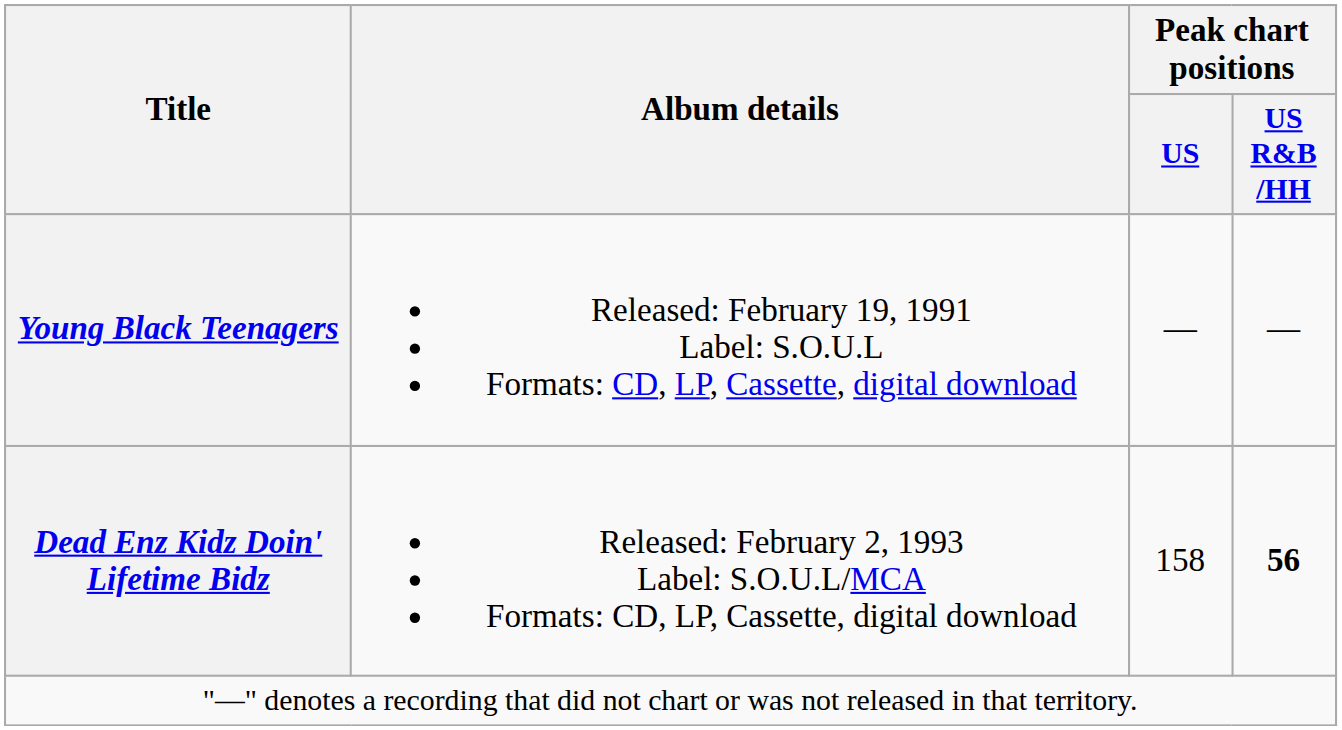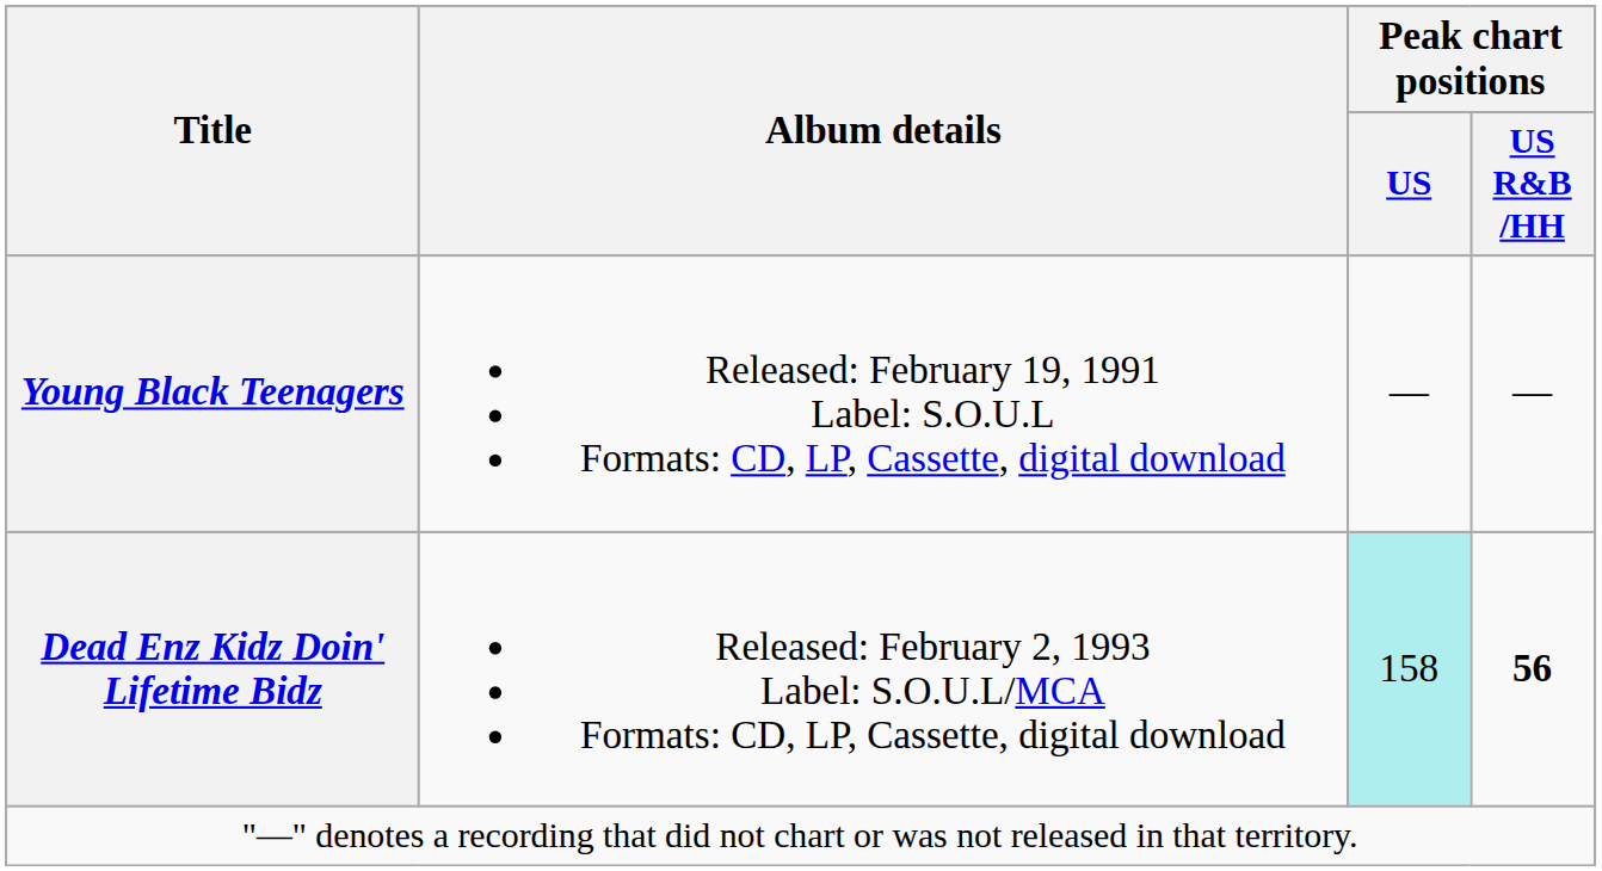 <table class="wikitable plainrowheaders" style="text-align:center;" border="1">
 <tr>
 <th scope="col" rowspan="2" style="width:10em;">Title</th>
 <th scope="col" rowspan="2" style="width:23em;">Album details</th>
 <th scope="col" colspan="2">Peak chart positions</th>
 </tr>
 <tr>
 <th scope="col" style="width:3em;font-size:90%;"><a href='#'>US</a><br></th>
 <th scope="col" style="width:3em;font-size:90%;"><a href='#'>US<br>R&B<br>/HH</a><br></th>
 </tr>
 <tr>
 <th scope="row"><em><a href='#'>Young Black Teenagers</a></em></th>
 <td><br><ul><li>Released: February 19, 1991</li><li>Label: S.O.U.L</li><li>Formats: <a href='#'>CD</a>, <a href='#'>LP</a>, <a href='#'>Cassette</a>, <a href='#'>digital download</a></li></ul></td>
 <td align="center">—</td>
 <td align="center">—</td>
 </tr>
 <tr>
 <th scope="row"><em><a href='#'>Dead Enz Kidz Doin' Lifetime Bidz</a></em></th>
 <td><br><ul><li>Released: February 2, 1993</li><li>Label: S.O.U.L/<a href='#'>MCA</a></li><li>Formats: CD, LP, Cassette, digital download</li></ul></td>
-<td align="center">158</td>
+<td align="center" style="background: paleturquoise;">158</td>
 <td align="center"><strong>56</strong></td>
 </tr>
 <tr>
 <td colspan="15" style="font-size:90%">"—" denotes a recording that did not chart or was not released in that territory.</td>
 </tr>
 </table>
